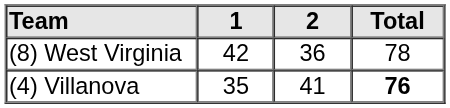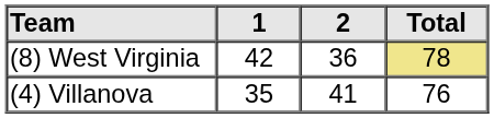 <table border=1 cellspacing=0 width=300 style="margin-left:3em;">
 <tr style="text-align:center; background-color:#e6e6e6;">
 <th align=left width=25%>Team</th>
 <th width=10%>1</th>
 <th width=10%>2</th>
 <th width=10%>Total</th>
 </tr>
 <tr style="text-align:center;">
 <td align=left>(8) West Virginia</td>
 <td>42</td>
 <td>36</td>
-<td>78</td>
+<td style="background: khaki;">78</td>
 </tr>
 <tr style="text-align:center;">
 <td align=left>(4) Villanova</td>
 <td>35</td>
 <td>41</td>
-<td><strong>76</strong></td>
+<td>76</td>
 </tr>
 <tr style="text-align:center;">
 </tr>
 </table>
